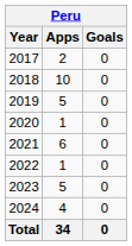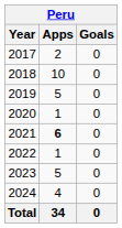 <table class="wikitable" style="text-align:center">
 <tr>
 <th colspan=3><a href='#'>Peru</a></th>
 </tr>
 <tr>
 <th>Year</th>
 <th>Apps</th>
 <th>Goals</th>
 </tr>
 <tr>
 <td>2017</td>
 <td>2</td>
 <td>0</td>
 </tr>
 <tr>
 <td>2018</td>
 <td>10</td>
 <td>0</td>
 </tr>
 <tr>
 <td>2019</td>
 <td>5</td>
 <td>0</td>
 </tr>
 <tr>
 <td>2020</td>
 <td>1</td>
 <td>0</td>
 </tr>
 <tr>
 <td>2021</td>
-<td>6</td>
+<td><strong>6</strong></td>
 <td>0</td>
 </tr>
 <tr>
 <td>2022</td>
 <td>1</td>
 <td>0</td>
 </tr>
 <tr>
 <td>2023</td>
 <td>5</td>
 <td>0</td>
 </tr>
 <tr>
 <td>2024</td>
 <td>4</td>
 <td>0</td>
 </tr>
 <tr>
 <th>Total</th>
 <th>34</th>
 <th>0</th>
 </tr>
 </table>
